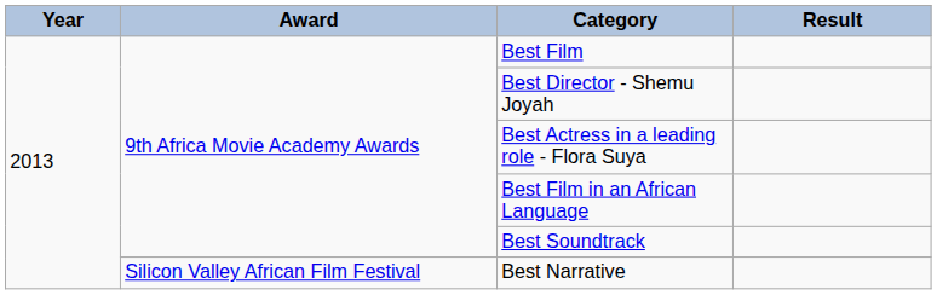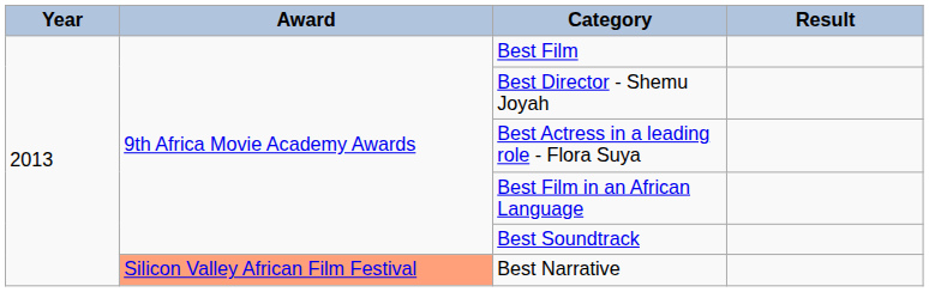 <table class="wikitable" width="60%">
 <tr>
 <th style="width:10pt; background:LightSteelBlue;">Year</th>
 <th style="width:100pt; background:LightSteelBlue;">Award</th>
 <th style="width:40pt; background:LightSteelBlue;">Category</th>
 <th style="width:50pt; background:LightSteelBlue;">Result</th>
 </tr>
 <tr>
 <td rowspan="6">2013</td>
 <td rowspan="5"><a href='#'>9th Africa Movie Academy Awards</a></td>
 <td><a href='#'>Best Film</a></td>
 <td></td>
 </tr>
 <tr>
 <td><a href='#'>Best Director</a> - Shemu Joyah</td>
 <td></td>
 </tr>
 <tr>
 <td><a href='#'>Best Actress in a leading role</a> - Flora Suya</td>
 <td></td>
 </tr>
 <tr>
 <td><a href='#'>Best Film in an African Language</a></td>
 <td></td>
 </tr>
 <tr>
 <td><a href='#'>Best Soundtrack</a></td>
 <td></td>
 </tr>
 <tr>
-<td rowspan="1"><a href='#'>Silicon Valley African Film Festival</a></td>
+<td rowspan="1" style="background: lightsalmon;"><a href='#'>Silicon Valley African Film Festival</a></td>
 <td>Best Narrative</td>
 <td></td>
 </tr>
 </table>
